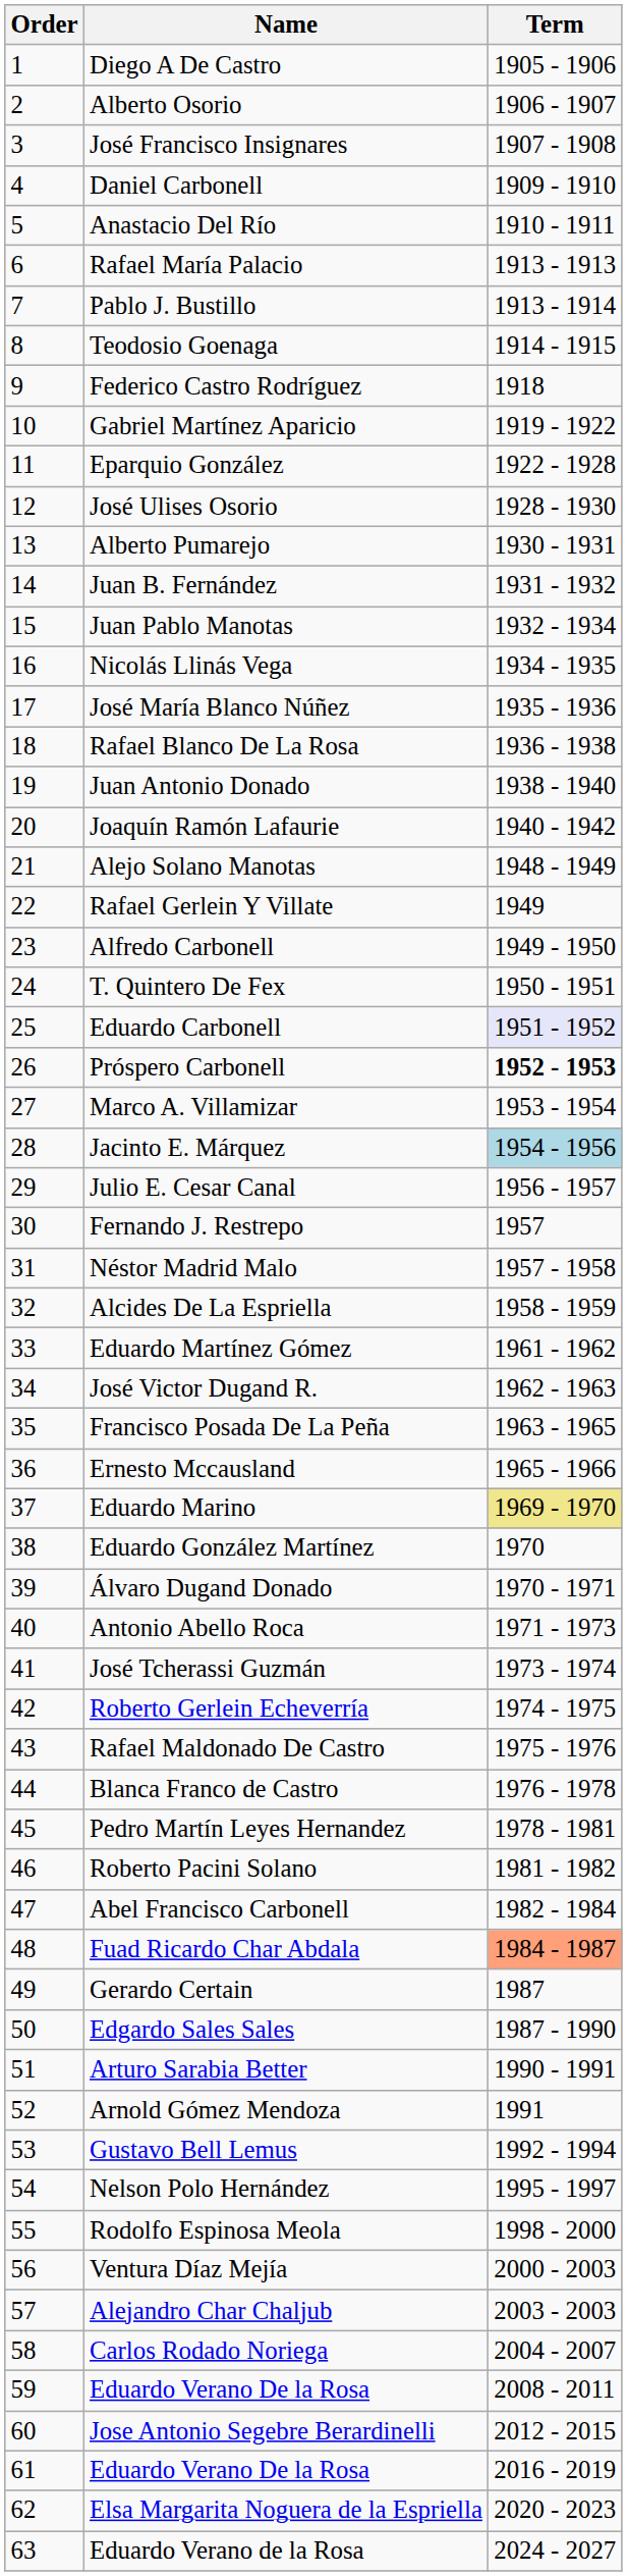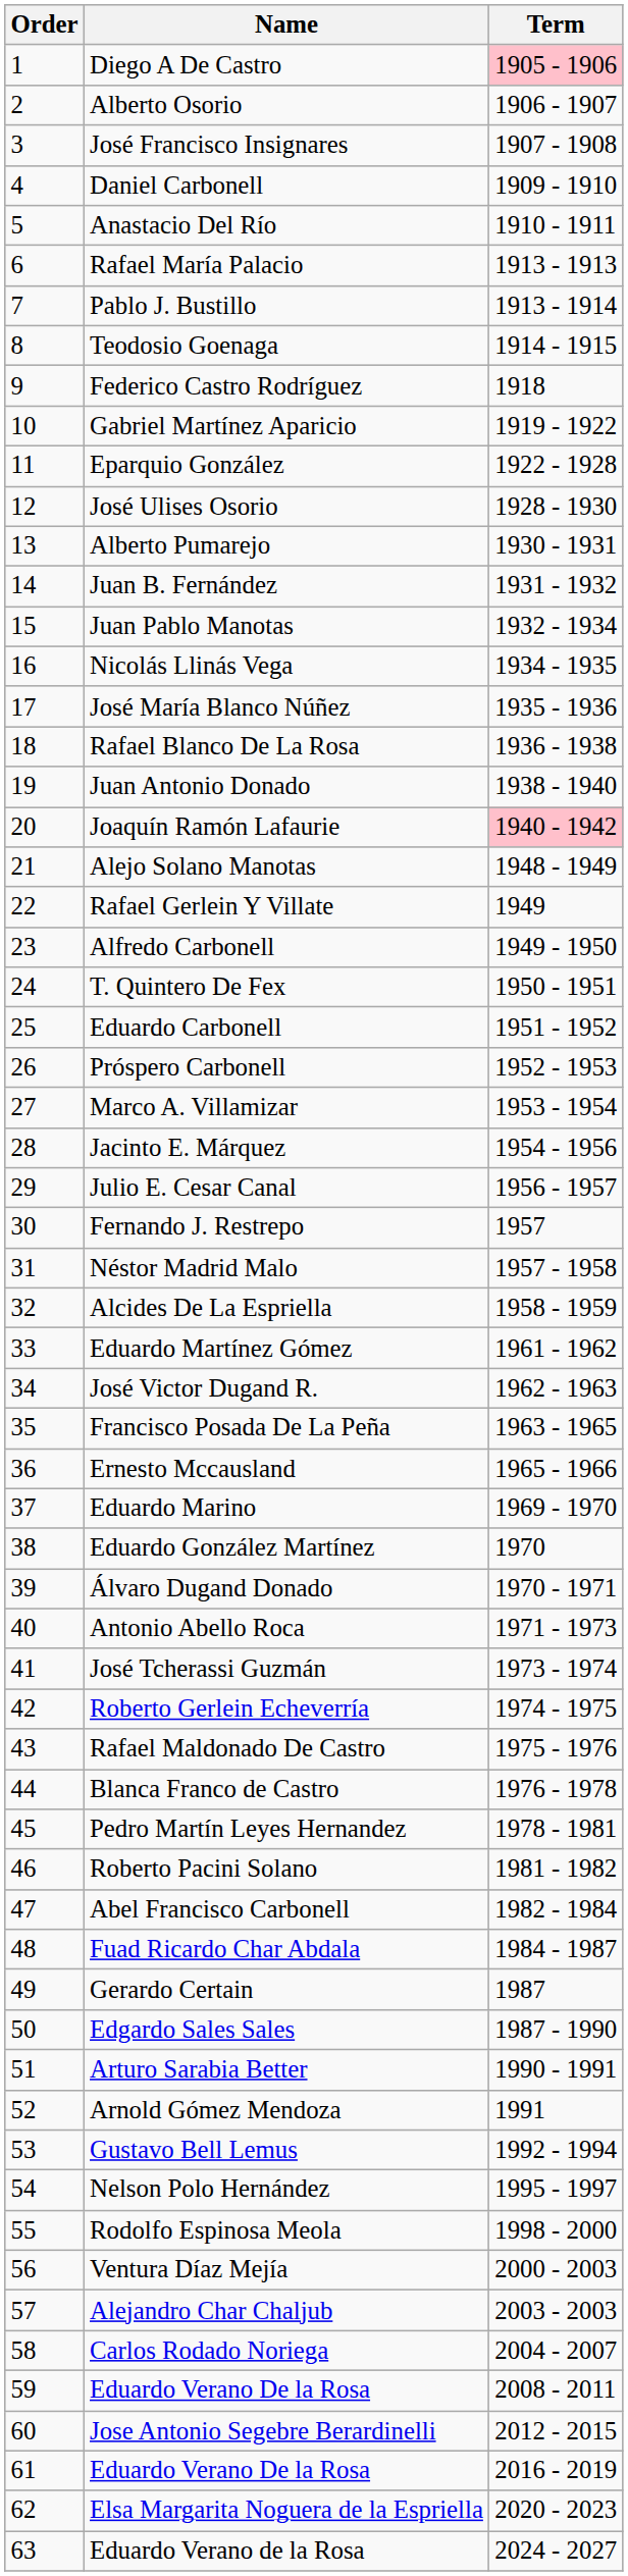 <table class="wikitable">
 <tr>
 <th>Order</th>
 <th>Name</th>
 <th>Term</th>
 </tr>
 <tr>
 <td>1</td>
 <td>Diego A De Castro</td>
-<td>1905 - 1906</td>
+<td style="background: pink;">1905 - 1906</td>
 </tr>
 <tr>
 <td>2</td>
 <td>Alberto Osorio</td>
 <td>1906 - 1907</td>
 </tr>
 <tr>
 <td>3</td>
 <td>José Francisco Insignares</td>
 <td>1907 - 1908</td>
 </tr>
 <tr>
 <td>4</td>
 <td>Daniel Carbonell</td>
 <td>1909 - 1910</td>
 </tr>
 <tr>
 <td>5</td>
 <td>Anastacio Del Río</td>
 <td>1910 - 1911</td>
 </tr>
 <tr>
 <td>6</td>
 <td>Rafael María Palacio</td>
 <td>1913 - 1913</td>
 </tr>
 <tr>
 <td>7</td>
 <td>Pablo J. Bustillo</td>
 <td>1913 - 1914</td>
 </tr>
 <tr>
 <td>8</td>
 <td>Teodosio Goenaga</td>
 <td>1914 - 1915</td>
 </tr>
 <tr>
 <td>9</td>
 <td>Federico Castro Rodríguez</td>
 <td>1918</td>
 </tr>
 <tr>
 <td>10</td>
 <td>Gabriel Martínez Aparicio</td>
 <td>1919 - 1922</td>
 </tr>
 <tr>
 <td>11</td>
 <td>Eparquio González</td>
 <td>1922 - 1928</td>
 </tr>
 <tr>
 <td>12</td>
 <td>José Ulises Osorio</td>
 <td>1928 - 1930</td>
 </tr>
 <tr>
 <td>13</td>
 <td>Alberto Pumarejo</td>
 <td>1930 - 1931</td>
 </tr>
 <tr>
 <td>14</td>
 <td>Juan B. Fernández</td>
 <td>1931 - 1932</td>
 </tr>
 <tr>
 <td>15</td>
 <td>Juan Pablo Manotas</td>
 <td>1932 - 1934</td>
 </tr>
 <tr>
 <td>16</td>
 <td>Nicolás Llinás Vega</td>
 <td>1934 - 1935</td>
 </tr>
 <tr>
 <td>17</td>
 <td>José María Blanco Núñez</td>
 <td>1935 - 1936</td>
 </tr>
 <tr>
 <td>18</td>
 <td>Rafael Blanco De La Rosa</td>
 <td>1936 - 1938</td>
 </tr>
 <tr>
 <td>19</td>
 <td>Juan Antonio Donado</td>
 <td>1938 - 1940</td>
 </tr>
 <tr>
 <td>20</td>
 <td>Joaquín Ramón Lafaurie</td>
-<td>1940 - 1942</td>
+<td style="background: pink;">1940 - 1942</td>
 </tr>
 <tr>
 <td>21</td>
 <td>Alejo Solano Manotas</td>
 <td>1948 - 1949</td>
 </tr>
 <tr>
 <td>22</td>
 <td>Rafael Gerlein Y Villate</td>
 <td>1949</td>
 </tr>
 <tr>
 <td>23</td>
 <td>Alfredo Carbonell</td>
 <td>1949 - 1950</td>
 </tr>
 <tr>
 <td>24</td>
 <td>T. Quintero De Fex</td>
 <td>1950 - 1951</td>
 </tr>
 <tr>
 <td>25</td>
 <td>Eduardo Carbonell</td>
-<td style="background: lavender;">1951 - 1952</td>
+<td>1951 - 1952</td>
 </tr>
 <tr>
 <td>26</td>
 <td>Próspero Carbonell</td>
-<td><strong>1952 - 1953</strong></td>
+<td>1952 - 1953</td>
 </tr>
 <tr>
 <td>27</td>
 <td>Marco A. Villamizar</td>
 <td>1953 - 1954</td>
 </tr>
 <tr>
 <td>28</td>
 <td>Jacinto E. Márquez</td>
-<td style="background: lightblue;">1954 - 1956</td>
+<td>1954 - 1956</td>
 </tr>
 <tr>
 <td>29</td>
 <td>Julio E. Cesar Canal</td>
 <td>1956 - 1957</td>
 </tr>
 <tr>
 <td>30</td>
 <td>Fernando J. Restrepo</td>
 <td>1957</td>
 </tr>
 <tr>
 <td>31</td>
 <td>Néstor Madrid Malo</td>
 <td>1957 - 1958</td>
 </tr>
 <tr>
 <td>32</td>
 <td>Alcides De La Espriella</td>
 <td>1958 - 1959</td>
 </tr>
 <tr>
 <td>33</td>
 <td>Eduardo Martínez Gómez</td>
 <td>1961 - 1962</td>
 </tr>
 <tr>
 <td>34</td>
 <td>José Victor Dugand R.</td>
 <td>1962 - 1963</td>
 </tr>
 <tr>
 <td>35</td>
 <td>Francisco Posada De La Peña</td>
 <td>1963 - 1965</td>
 </tr>
 <tr>
 <td>36</td>
 <td>Ernesto Mccausland</td>
 <td>1965 - 1966</td>
 </tr>
 <tr>
 <td>37</td>
 <td>Eduardo Marino</td>
-<td style="background: khaki;">1969 - 1970</td>
+<td>1969 - 1970</td>
 </tr>
 <tr>
 <td>38</td>
 <td>Eduardo González Martínez</td>
 <td>1970</td>
 </tr>
 <tr>
 <td>39</td>
 <td>Álvaro Dugand Donado</td>
 <td>1970 - 1971</td>
 </tr>
 <tr>
 <td>40</td>
 <td>Antonio Abello Roca</td>
 <td>1971 - 1973</td>
 </tr>
 <tr>
 <td>41</td>
 <td>José Tcherassi Guzmán</td>
 <td>1973 - 1974</td>
 </tr>
 <tr>
 <td>42</td>
 <td><a href='#'>Roberto Gerlein Echeverría</a></td>
 <td>1974 - 1975</td>
 </tr>
 <tr>
 <td>43</td>
 <td>Rafael Maldonado De Castro</td>
 <td>1975 - 1976</td>
 </tr>
 <tr>
 <td>44</td>
 <td>Blanca Franco de Castro</td>
 <td>1976 - 1978</td>
 </tr>
 <tr>
 <td>45</td>
 <td>Pedro Martín Leyes Hernandez</td>
 <td>1978 - 1981</td>
 </tr>
 <tr>
 <td>46</td>
 <td>Roberto Pacini Solano</td>
 <td>1981 - 1982</td>
 </tr>
 <tr>
 <td>47</td>
 <td>Abel Francisco Carbonell</td>
 <td>1982 - 1984</td>
 </tr>
 <tr>
 <td>48</td>
 <td><a href='#'>Fuad Ricardo Char Abdala</a></td>
-<td style="background: lightsalmon;">1984 - 1987</td>
+<td>1984 - 1987</td>
 </tr>
 <tr>
 <td>49</td>
 <td>Gerardo Certain</td>
 <td>1987</td>
 </tr>
 <tr>
 <td>50</td>
 <td><a href='#'>Edgardo Sales Sales</a></td>
 <td>1987 - 1990</td>
 </tr>
 <tr>
 <td>51</td>
 <td><a href='#'>Arturo Sarabia Better</a></td>
 <td>1990 - 1991</td>
 </tr>
 <tr>
 <td>52</td>
 <td>Arnold Gómez Mendoza</td>
 <td>1991</td>
 </tr>
 <tr>
 <td>53</td>
 <td><a href='#'>Gustavo Bell Lemus</a></td>
 <td>1992 - 1994</td>
 </tr>
 <tr>
 <td>54</td>
 <td>Nelson Polo Hernández</td>
 <td>1995 - 1997</td>
 </tr>
 <tr>
 <td>55</td>
 <td>Rodolfo Espinosa Meola</td>
 <td>1998 - 2000</td>
 </tr>
 <tr>
 <td>56</td>
 <td>Ventura Díaz Mejía</td>
 <td>2000 - 2003</td>
 </tr>
 <tr>
 <td>57</td>
 <td><a href='#'>Alejandro Char Chaljub</a></td>
 <td>2003 - 2003</td>
 </tr>
 <tr>
 <td>58</td>
 <td><a href='#'>Carlos Rodado Noriega</a></td>
 <td>2004 - 2007</td>
 </tr>
 <tr>
 <td>59</td>
 <td><a href='#'>Eduardo Verano De la Rosa</a></td>
 <td>2008 - 2011</td>
 </tr>
 <tr>
 <td>60</td>
 <td><a href='#'>Jose Antonio Segebre Berardinelli</a></td>
 <td>2012 - 2015</td>
 </tr>
 <tr>
 <td>61</td>
 <td><a href='#'>Eduardo Verano De la Rosa</a></td>
 <td>2016 - 2019</td>
 </tr>
 <tr>
 <td>62</td>
 <td><a href='#'>Elsa Margarita Noguera de la Espriella</a></td>
 <td>2020 - 2023</td>
 </tr>
 <tr>
 <td>63</td>
 <td>Eduardo Verano de la Rosa</td>
 <td>2024 - 2027</td>
 </tr>
 </table>
